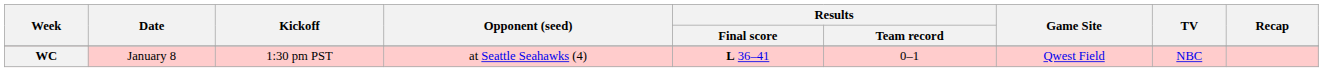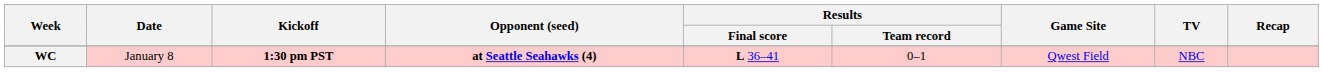 <table class="wikitable" style="width:100%; margin:auto; font-size:95%;">
 <tr>
 <th rowspan="2"><strong>Week</strong></th>
 <th rowspan="2">Date</th>
 <th rowspan="2">Kickoff</th>
 <th rowspan="2">Opponent (seed)</th>
 <th colspan="2">Results</th>
 <th rowspan="2">Game Site</th>
 <th rowspan="2">TV</th>
 <th rowspan="2">Recap</th>
 </tr>
 <tr>
 <th>Final score</th>
 <th>Team record</th>
 </tr>
 <tr>
 </tr>
 <tr style="background:#fcc;">
 <th style="text-align:center;"><strong>WC</strong></th>
 <td style="text-align:center;">January 8</td>
-<td style="text-align:center;">1:30 pm PST</td>
-<td style="text-align:center;">at <a href='#'>Seattle Seahawks</a> (4)</td>
+<td style="text-align:center;"><strong>1:30 pm PST</strong></td>
+<td style="text-align:center;"><strong>at <a href='#'>Seattle Seahawks</a> (4)</strong></td>
 <td style="text-align:center;"><strong>L</strong> <a href='#'>36–41</a></td>
 <td style="text-align:center;">0–1</td>
 <td style="text-align:center;"><a href='#'>Qwest Field</a></td>
 <td style="text-align:center;"><a href='#'>NBC</a></td>
 <td style="text-align:center;"></td>
 </tr>
 </table>
